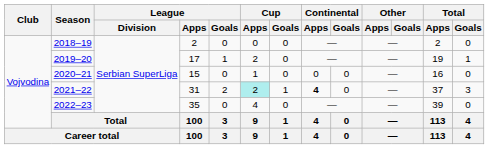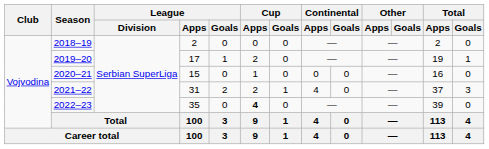 <table class="wikitable" style="text-align: center;font-size:90%">
 <tr>
 <th rowspan="2">Club</th>
 <th rowspan="2">Season</th>
 <th colspan="3">League</th>
 <th colspan="2">Cup</th>
 <th colspan="2">Continental</th>
 <th colspan="2">Other</th>
 <th colspan="2">Total</th>
 </tr>
 <tr>
 <th>Division</th>
 <th>Apps</th>
 <th>Goals</th>
 <th>Apps</th>
 <th>Goals</th>
 <th>Apps</th>
 <th>Goals</th>
 <th>Apps</th>
 <th>Goals</th>
 <th>Apps</th>
 <th>Goals</th>
 </tr>
 <tr>
 <td rowspan="6" valign="center"><a href='#'>Vojvodina</a></td>
 <td><a href='#'>2018–19</a></td>
 <td rowspan="5"><a href='#'>Serbian SuperLiga</a></td>
 <td>2</td>
 <td>0</td>
 <td>0</td>
 <td>0</td>
 <td colspan="2">—</td>
 <td colspan="2">—</td>
 <td>2</td>
 <td>0</td>
 </tr>
 <tr>
 <td><a href='#'>2019–20</a></td>
 <td>17</td>
 <td>1</td>
 <td>2</td>
 <td>0</td>
 <td colspan="2">—</td>
 <td colspan="2">—</td>
 <td>19</td>
 <td>1</td>
 </tr>
 <tr>
 <td><a href='#'>2020–21</a></td>
 <td>15</td>
 <td>0</td>
 <td>1</td>
 <td>0</td>
 <td>0</td>
 <td>0</td>
 <td colspan="2">—</td>
 <td>16</td>
 <td>0</td>
 </tr>
 <tr>
 <td><a href='#'>2021–22</a></td>
 <td>31</td>
 <td>2</td>
-<td style="background: paleturquoise;">2</td>
+<td>2</td>
 <td>1</td>
-<td><strong>4</strong></td>
+<td>4</td>
 <td>0</td>
 <td colspan="2">—</td>
 <td>37</td>
 <td>3</td>
 </tr>
 <tr>
 <td><a href='#'>2022–23</a></td>
 <td>35</td>
 <td>0</td>
-<td>4</td>
+<td><strong>4</strong></td>
 <td>0</td>
 <td colspan="2">—</td>
 <td colspan="2">—</td>
 <td>39</td>
 <td>0</td>
 </tr>
 <tr>
 <th colspan="2">Total</th>
 <th>100</th>
 <th>3</th>
 <th>9</th>
 <th>1</th>
 <th>4</th>
 <th>0</th>
 <th colspan="2">—</th>
 <th>113</th>
 <th>4</th>
 </tr>
 <tr>
 <th colspan="3">Career total</th>
 <th>100</th>
 <th>3</th>
 <th>9</th>
 <th>1</th>
 <th>4</th>
 <th>0</th>
 <th colspan="2">—</th>
 <th>113</th>
 <th>4</th>
 </tr>
 </table>
